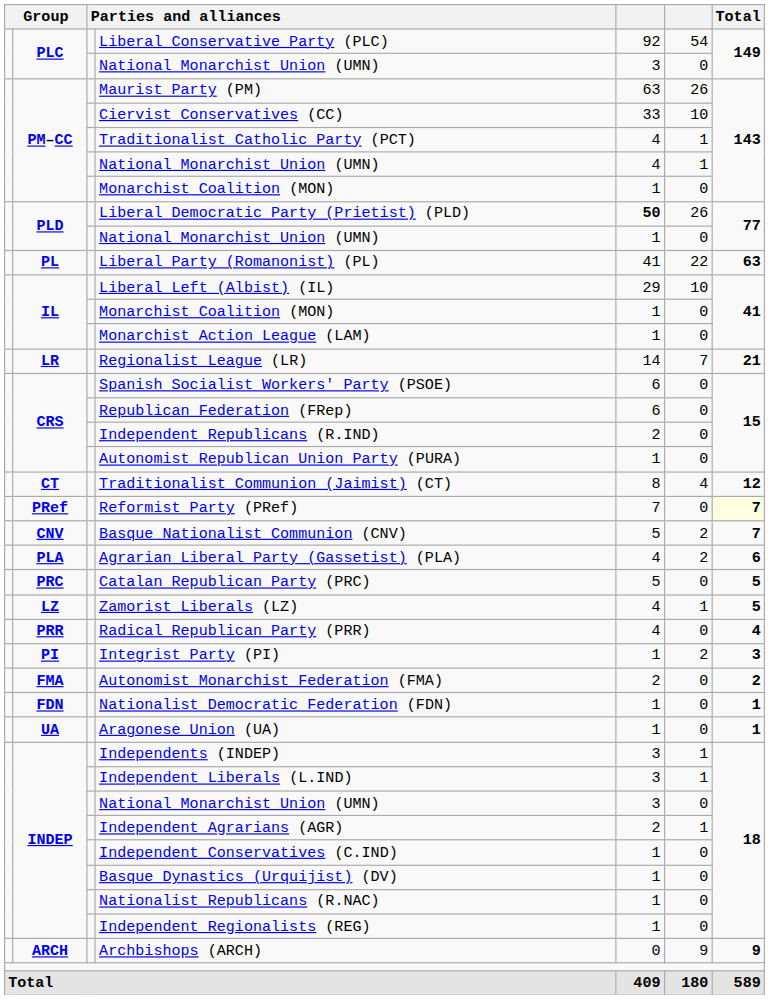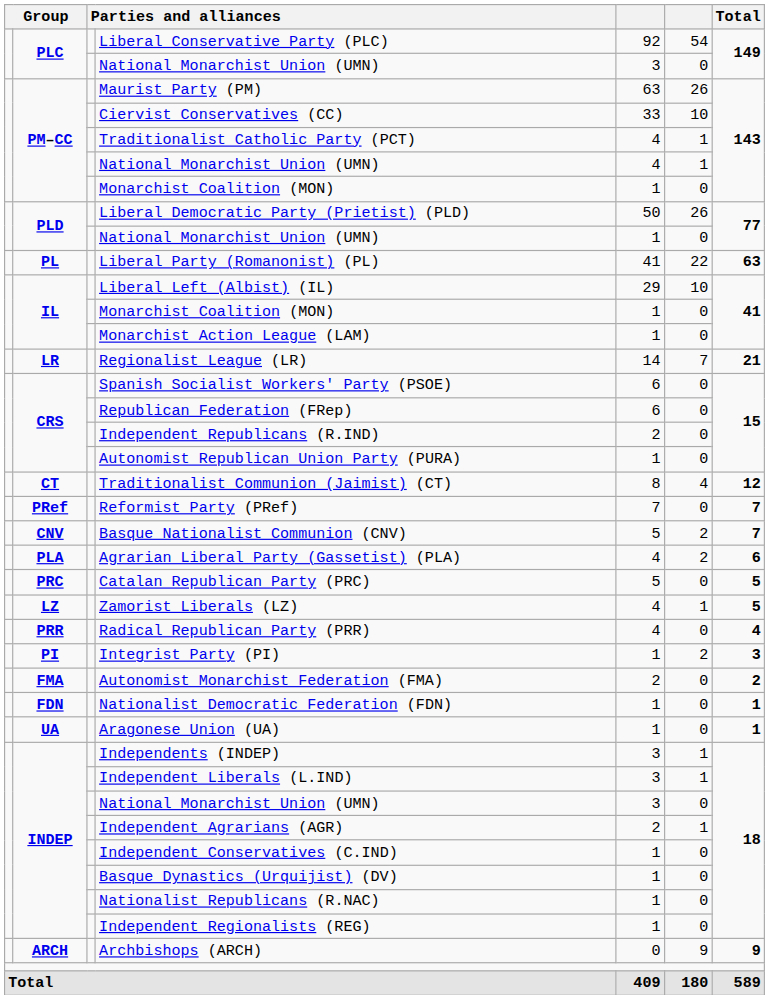 <table class="wikitable" style="text-align:right;">
 <tr>
 <th colspan="2" width="65">Group</th>
 <th style="text-align:left;" colspan="2" width="450">Parties and alliances</th>
 <th width="35"></th>
 <th width="35"></th>
 <th width="35">Total</th>
 </tr>
 <tr>
 <td rowspan="2" width="1"></td>
 <td rowspan="2" align="center"><strong><a href='#'>PLC</a></strong></td>
 <td width="1" style="color:inherit;background:"></td>
 <td align="left"><a href='#'>Liberal Conservative Party</a> (PLC)</td>
 <td>92</td>
 <td>54</td>
 <td rowspan="2"><strong>149</strong></td>
 </tr>
 <tr>
 <td style="color:inherit;background:"></td>
 <td align="left"><a href='#'>National Monarchist Union</a> (UMN)</td>
 <td>3</td>
 <td>0</td>
 </tr>
 <tr>
 <td rowspan="5" style="color:inherit;background:"></td>
 <td rowspan="5" align="center"><strong><a href='#'>PM</a>–<a href='#'>CC</a></strong></td>
 <td style="color:inherit;background:"></td>
 <td align="left"><a href='#'>Maurist Party</a> (PM)</td>
 <td>63</td>
 <td>26</td>
 <td rowspan="5"><strong>143</strong></td>
 </tr>
 <tr>
 <td style="color:inherit;background:"></td>
 <td align="left"><a href='#'>Ciervist Conservatives</a> (CC)</td>
 <td>33</td>
 <td>10</td>
 </tr>
 <tr>
 <td style="color:inherit;background:"></td>
 <td align="left"><a href='#'>Traditionalist Catholic Party</a> (PCT)</td>
 <td>4</td>
 <td>1</td>
 </tr>
 <tr>
 <td style="color:inherit;background:"></td>
 <td align="left"><a href='#'>National Monarchist Union</a> (UMN)</td>
 <td>4</td>
 <td>1</td>
 </tr>
 <tr>
 <td style="color:inherit;background:"></td>
 <td align="left"><a href='#'>Monarchist Coalition</a> (MON)</td>
 <td>1</td>
 <td>0</td>
 </tr>
 <tr>
 <td rowspan="2" style="color:inherit;background:"></td>
 <td rowspan="2" align="center"><strong><a href='#'>PLD</a></strong></td>
 <td style="color:inherit;background:"></td>
 <td align="left"><a href='#'>Liberal Democratic Party (Prietist)</a> (PLD)</td>
-<td><strong>50</strong></td>
+<td>50</td>
 <td>26</td>
 <td rowspan="2"><strong>77</strong></td>
 </tr>
 <tr>
 <td style="color:inherit;background:"></td>
 <td align="left"><a href='#'>National Monarchist Union</a> (UMN)</td>
 <td>1</td>
 <td>0</td>
 </tr>
 <tr>
 <td style="color:inherit;background:"></td>
 <td align="center"><strong><a href='#'>PL</a></strong></td>
 <td style="color:inherit;background:"></td>
 <td align="left"><a href='#'>Liberal Party (Romanonist)</a> (PL)</td>
 <td>41</td>
 <td>22</td>
 <td><strong>63</strong></td>
 </tr>
 <tr>
 <td rowspan="3" style="color:inherit;background:"></td>
 <td rowspan="3" align="center"><strong><a href='#'>IL</a></strong></td>
 <td style="color:inherit;background:"></td>
 <td align="left"><a href='#'>Liberal Left (Albist)</a> (IL)</td>
 <td>29</td>
 <td>10</td>
 <td rowspan="3"><strong>41</strong></td>
 </tr>
 <tr>
 <td style="color:inherit;background:"></td>
 <td align="left"><a href='#'>Monarchist Coalition</a> (MON)</td>
 <td>1</td>
 <td>0</td>
 </tr>
 <tr>
 <td style="color:inherit;background:"></td>
 <td align="left"><a href='#'>Monarchist Action League</a> (LAM)</td>
 <td>1</td>
 <td>0</td>
 </tr>
 <tr>
 <td style="color:inherit;background:"></td>
 <td align="center"><strong><a href='#'>LR</a></strong></td>
 <td style="color:inherit;background:"></td>
 <td align="left"><a href='#'>Regionalist League</a> (LR)</td>
 <td>14</td>
 <td>7</td>
 <td><strong>21</strong></td>
 </tr>
 <tr>
 <td rowspan="4" style="color:inherit;background:"></td>
 <td rowspan="4" align="center"><strong><a href='#'>CRS</a></strong></td>
 <td style="color:inherit;background:"></td>
 <td align="left"><a href='#'>Spanish Socialist Workers' Party</a> (PSOE)</td>
 <td>6</td>
 <td>0</td>
 <td rowspan="4"><strong>15</strong></td>
 </tr>
 <tr>
 <td style="color:inherit;background:"></td>
 <td align="left"><a href='#'>Republican Federation</a> (FRep)</td>
 <td>6</td>
 <td>0</td>
 </tr>
 <tr>
 <td style="color:inherit;background:"></td>
 <td align="left"><a href='#'>Independent Republicans</a> (R.IND)</td>
 <td>2</td>
 <td>0</td>
 </tr>
 <tr>
 <td style="color:inherit;background:"></td>
 <td align="left"><a href='#'>Autonomist Republican Union Party</a> (PURA)</td>
 <td>1</td>
 <td>0</td>
 </tr>
 <tr>
 <td style="color:inherit;background:"></td>
 <td align="center"><strong><a href='#'>CT</a></strong></td>
 <td style="color:inherit;background:"></td>
 <td align="left"><a href='#'>Traditionalist Communion (Jaimist)</a> (CT)</td>
 <td>8</td>
 <td>4</td>
 <td><strong>12</strong></td>
 </tr>
 <tr>
 <td style="color:inherit;background:"></td>
 <td align="center"><strong><a href='#'>PRef</a></strong></td>
 <td style="color:inherit;background:"></td>
 <td align="left"><a href='#'>Reformist Party</a> (PRef)</td>
 <td>7</td>
 <td>0</td>
-<td style="background: lightyellow;"><strong>7</strong></td>
+<td><strong>7</strong></td>
 </tr>
 <tr>
 <td style="color:inherit;background:"></td>
 <td align="center"><strong><a href='#'>CNV</a></strong></td>
 <td style="color:inherit;background:"></td>
 <td align="left"><a href='#'>Basque Nationalist Communion</a> (CNV)</td>
 <td>5</td>
 <td>2</td>
 <td><strong>7</strong></td>
 </tr>
 <tr>
 <td style="color:inherit;background:"></td>
 <td align="center"><strong><a href='#'>PLA</a></strong></td>
 <td style="color:inherit;background:"></td>
 <td align="left"><a href='#'>Agrarian Liberal Party (Gassetist)</a> (PLA)</td>
 <td>4</td>
 <td>2</td>
 <td><strong>6</strong></td>
 </tr>
 <tr>
 <td style="color:inherit;background:"></td>
 <td align="center"><strong><a href='#'>PRC</a></strong></td>
 <td style="color:inherit;background:"></td>
 <td align="left"><a href='#'>Catalan Republican Party</a> (PRC)</td>
 <td>5</td>
 <td>0</td>
 <td><strong>5</strong></td>
 </tr>
 <tr>
 <td style="color:inherit;background:"></td>
 <td align="center"><strong><a href='#'>LZ</a></strong></td>
 <td style="color:inherit;background:"></td>
 <td align="left"><a href='#'>Zamorist Liberals</a> (LZ)</td>
 <td>4</td>
 <td>1</td>
 <td><strong>5</strong></td>
 </tr>
 <tr>
 <td style="color:inherit;background:"></td>
 <td align="center"><strong><a href='#'>PRR</a></strong></td>
 <td style="color:inherit;background:"></td>
 <td align="left"><a href='#'>Radical Republican Party</a> (PRR)</td>
 <td>4</td>
 <td>0</td>
 <td><strong>4</strong></td>
 </tr>
 <tr>
 <td style="color:inherit;background:"></td>
 <td align="center"><strong><a href='#'>PI</a></strong></td>
 <td style="color:inherit;background:"></td>
 <td align="left"><a href='#'>Integrist Party</a> (PI)</td>
 <td>1</td>
 <td>2</td>
 <td><strong>3</strong></td>
 </tr>
 <tr>
 <td style="color:inherit;background:"></td>
 <td align="center"><strong><a href='#'>FMA</a></strong></td>
 <td style="color:inherit;background:"></td>
 <td align="left"><a href='#'>Autonomist Monarchist Federation</a> (FMA)</td>
 <td>2</td>
 <td>0</td>
 <td><strong>2</strong></td>
 </tr>
 <tr>
 <td style="color:inherit;background:"></td>
 <td align="center"><strong><a href='#'>FDN</a></strong></td>
 <td style="color:inherit;background:"></td>
 <td align="left"><a href='#'>Nationalist Democratic Federation</a> (FDN)</td>
 <td>1</td>
 <td>0</td>
 <td><strong>1</strong></td>
 </tr>
 <tr>
 <td style="color:inherit;background:"></td>
 <td align="center"><strong><a href='#'>UA</a></strong></td>
 <td style="color:inherit;background:"></td>
 <td align="left"><a href='#'>Aragonese Union</a> (UA)</td>
 <td>1</td>
 <td>0</td>
 <td><strong>1</strong></td>
 </tr>
 <tr>
 <td rowspan="8" style="color:inherit;background:"></td>
 <td rowspan="8" align="center"><strong><a href='#'>INDEP</a></strong></td>
 <td style="color:inherit;background:"></td>
 <td align="left"><a href='#'>Independents</a> (INDEP)</td>
 <td>3</td>
 <td>1</td>
 <td rowspan="8"><strong>18</strong></td>
 </tr>
 <tr>
 <td style="color:inherit;background:"></td>
 <td align="left"><a href='#'>Independent Liberals</a> (L.IND)</td>
 <td>3</td>
 <td>1</td>
 </tr>
 <tr>
 <td style="color:inherit;background:"></td>
 <td align="left"><a href='#'>National Monarchist Union</a> (UMN)</td>
 <td>3</td>
 <td>0</td>
 </tr>
 <tr>
 <td style="color:inherit;background:"></td>
 <td align="left"><a href='#'>Independent Agrarians</a> (AGR)</td>
 <td>2</td>
 <td>1</td>
 </tr>
 <tr>
 <td style="color:inherit;background:"></td>
 <td align="left"><a href='#'>Independent Conservatives</a> (C.IND)</td>
 <td>1</td>
 <td>0</td>
 </tr>
 <tr>
 <td style="color:inherit;background:"></td>
 <td align="left"><a href='#'>Basque Dynastics (Urquijist)</a> (DV)</td>
 <td>1</td>
 <td>0</td>
 </tr>
 <tr>
 <td style="color:inherit;background:"></td>
 <td align="left"><a href='#'>Nationalist Republicans</a> (R.NAC)</td>
 <td>1</td>
 <td>0</td>
 </tr>
 <tr>
 <td style="color:inherit;background:"></td>
 <td align="left"><a href='#'>Independent Regionalists</a> (REG)</td>
 <td>1</td>
 <td>0</td>
 </tr>
 <tr>
 <td style="color:inherit;background:"></td>
 <td align="center"><strong><a href='#'>ARCH</a></strong></td>
 <td style="color:inherit;background:"></td>
 <td align="left"><a href='#'>Archbishops</a> (ARCH)</td>
 <td>0</td>
 <td>9</td>
 <td><strong>9</strong></td>
 </tr>
 <tr>
 <td colspan="7"></td>
 </tr>
 <tr style="background:#E4E4E4; font-weight:bold;">
 <td align="left" colspan="4">Total</td>
 <td>409</td>
 <td>180</td>
 <td>589</td>
 </tr>
 </table>
